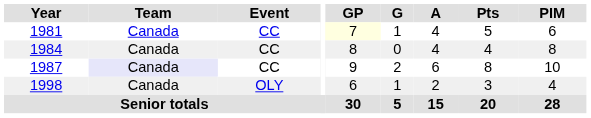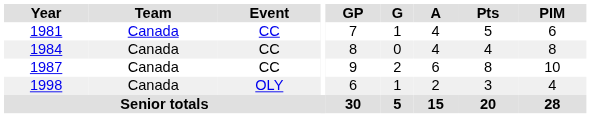 <table border="0" cellpadding="1" cellspacing="0" ID="Table3" style="text-align:center; width:40em">
 <tr bgcolor="#e0e0e0">
 <th>Year</th>
 <th>Team</th>
 <th>Event</th>
 <th rowspan="102" bgcolor="#ffffff"></th>
 <th>GP</th>
 <th>G</th>
 <th>A</th>
 <th>Pts</th>
 <th>PIM</th>
 </tr>
 <tr>
 <td><a href='#'>1981</a></td>
 <td><a href='#'>Canada</a></td>
 <td><a href='#'>CC</a></td>
-<td style="background: lightyellow;">7</td>
+<td>7</td>
 <td>1</td>
 <td>4</td>
 <td>5</td>
 <td>6</td>
 </tr>
 <tr bgcolor="#f0f0f0">
 <td><a href='#'>1984</a></td>
 <td>Canada</td>
 <td>CC</td>
 <td>8</td>
 <td>0</td>
 <td>4</td>
 <td>4</td>
 <td>8</td>
 </tr>
 <tr>
 <td><a href='#'>1987</a></td>
-<td style="background: lavender;">Canada</td>
+<td>Canada</td>
 <td>CC</td>
 <td>9</td>
 <td>2</td>
 <td>6</td>
 <td>8</td>
 <td>10</td>
 </tr>
 <tr bgcolor="#f0f0f0">
 <td><a href='#'>1998</a></td>
 <td>Canada</td>
 <td><a href='#'>OLY</a></td>
 <td>6</td>
 <td>1</td>
 <td>2</td>
 <td>3</td>
 <td>4</td>
 </tr>
 <tr bgcolor="#e0e0e0">
 <th colspan="4">Senior totals</th>
 <th>30</th>
 <th>5</th>
 <th>15</th>
 <th>20</th>
 <th>28</th>
 </tr>
 </table>
